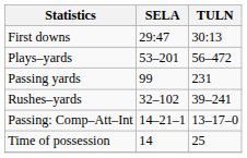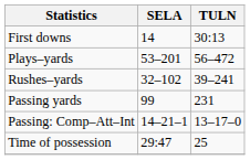 <table class="wikitable" style="float: left;">
 <tr>
 <th>Statistics</th>
 <th>SELA</th>
 <th>TULN</th>
 </tr>
 <tr>
 <td>First downs</td>
-<td>29:47</td>
+<td>14</td>
 <td>30:13</td>
 </tr>
 <tr>
 <td>Plays–yards</td>
 <td>53–201</td>
 <td>56–472</td>
 </tr>
 <tr>
+<td>Rushes–yards</td>
+<td>32–102</td>
+<td>39–241</td>
+</tr>
+<tr>
 <td>Passing yards</td>
 <td>99</td>
 <td>231</td>
-</tr>
-<tr>
-<td>Rushes–yards</td>
-<td>32–102</td>
-<td>39–241</td>
 </tr>
 <tr>
 <td>Passing: Comp–Att–Int</td>
 <td>14–21–1</td>
 <td>13–17–0</td>
 </tr>
 <tr>
 <td>Time of possession</td>
-<td>14</td>
+<td>29:47</td>
 <td>25</td>
 </tr>
 <tr>
 </tr>
 </table>
